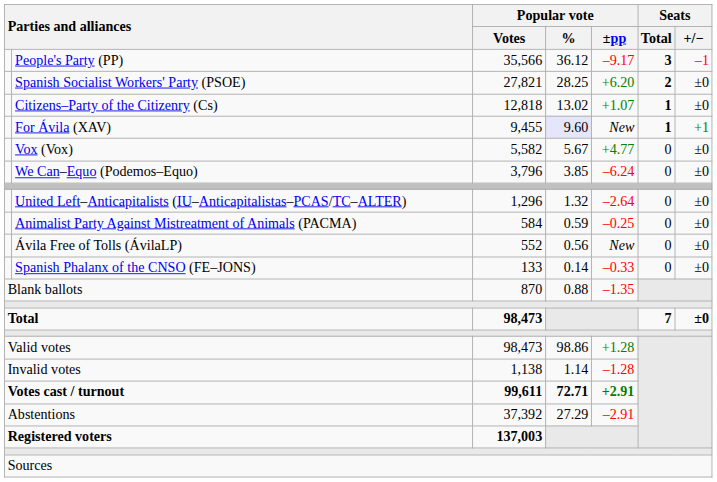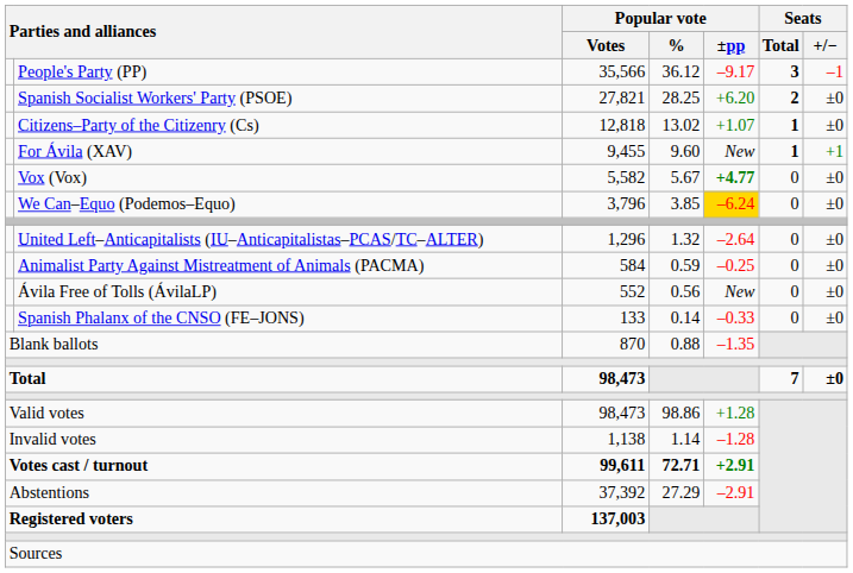 <table class="wikitable" style="text-align:right;">
 <tr>
 <th style="text-align:left;" rowspan="2" colspan="2" width="525">Parties and alliances</th>
 <th colspan="3">Popular vote</th>
 <th colspan="2">Seats</th>
 </tr>
 <tr>
 <th width="75">Votes</th>
 <th width="45">%</th>
 <th width="45">±<a href='#'>pp</a></th>
 <th width="35">Total</th>
 <th width="35">+/−</th>
 </tr>
 <tr>
 <td width="1" style="color:inherit;background:"></td>
 <td align="left"><a href='#'>People's Party</a> (PP)</td>
 <td>35,566</td>
 <td>36.12</td>
 <td style="color:red;">–9.17</td>
 <td><strong>3</strong></td>
 <td style="color:red;">–1</td>
 </tr>
 <tr>
 <td style="color:inherit;background:"></td>
 <td align="left"><a href='#'>Spanish Socialist Workers' Party</a> (PSOE)</td>
 <td>27,821</td>
 <td>28.25</td>
 <td style="color:green;">+6.20</td>
 <td><strong>2</strong></td>
 <td>±0</td>
 </tr>
 <tr>
 <td style="color:inherit;background:"></td>
 <td align="left"><a href='#'>Citizens–Party of the Citizenry</a> (Cs)</td>
 <td>12,818</td>
 <td>13.02</td>
 <td style="color:green;">+1.07</td>
 <td><strong>1</strong></td>
 <td>±0</td>
 </tr>
 <tr>
 <td style="color:inherit;background:"></td>
 <td align="left"><a href='#'>For Ávila</a> (XAV)</td>
 <td>9,455</td>
-<td style="background: lavender;">9.60</td>
+<td>9.60</td>
 <td><em>New</em></td>
 <td><strong>1</strong></td>
 <td style="color:green;">+1</td>
 </tr>
 <tr>
 <td style="color:inherit;background:"></td>
 <td align="left"><a href='#'>Vox</a> (Vox)</td>
 <td>5,582</td>
 <td>5.67</td>
-<td style="color:green;">+4.77</td>
+<td style="color:green;"><strong>+4.77</strong></td>
 <td>0</td>
 <td>±0</td>
 </tr>
 <tr>
 <td style="color:inherit;background:"></td>
 <td align="left"><a href='#'>We Can</a>–<a href='#'>Equo</a> (Podemos–Equo)</td>
 <td>3,796</td>
 <td>3.85</td>
-<td style="color:red;">–6.24</td>
+<td style="background: gold; color:red;">–6.24</td>
 <td>0</td>
 <td>±0</td>
 </tr>
 <tr>
 <td colspan="7" bgcolor="#C0C0C0"></td>
 </tr>
 <tr>
 <td style="color:inherit;background:"></td>
 <td align="left"><a href='#'>United Left</a>–<a href='#'>Anticapitalists</a> (<a href='#'>IU</a>–<a href='#'>Anticapitalistas</a>–<a href='#'>PCAS</a>/<a href='#'>TC</a>–<a href='#'>ALTER</a>)</td>
 <td>1,296</td>
 <td>1.32</td>
 <td style="color:red;">–2.64</td>
 <td>0</td>
 <td>±0</td>
 </tr>
 <tr>
 <td style="color:inherit;background:"></td>
 <td align="left"><a href='#'>Animalist Party Against Mistreatment of Animals</a> (PACMA)</td>
 <td>584</td>
 <td>0.59</td>
 <td style="color:red;">–0.25</td>
 <td>0</td>
 <td>±0</td>
 </tr>
 <tr>
 <td style="color:inherit;background:"></td>
 <td align="left">Ávila Free of Tolls (ÁvilaLP)</td>
 <td>552</td>
 <td>0.56</td>
 <td><em>New</em></td>
 <td>0</td>
 <td>±0</td>
 </tr>
 <tr>
 <td style="color:inherit;background:"></td>
 <td align="left"><a href='#'>Spanish Phalanx of the CNSO</a> (FE–JONS)</td>
 <td>133</td>
 <td>0.14</td>
 <td style="color:red;">–0.33</td>
 <td>0</td>
 <td>±0</td>
 </tr>
 <tr>
 <td align="left" colspan="2">Blank ballots</td>
 <td>870</td>
 <td>0.88</td>
 <td style="color:red;">–1.35</td>
 <td bgcolor="#E9E9E9" colspan="2"></td>
 </tr>
 <tr>
 <td colspan="7" bgcolor="#E9E9E9"></td>
 </tr>
 <tr style="font-weight:bold;">
 <td align="left" colspan="2">Total</td>
 <td>98,473</td>
 <td bgcolor="#E9E9E9" colspan="2"></td>
 <td>7</td>
 <td>±0</td>
 </tr>
 <tr>
 <td colspan="7" bgcolor="#E9E9E9"></td>
 </tr>
 <tr>
 <td align="left" colspan="2">Valid votes</td>
 <td>98,473</td>
 <td>98.86</td>
 <td style="color:green;">+1.28</td>
 <td bgcolor="#E9E9E9" colspan="2" rowspan="5"></td>
 </tr>
 <tr>
 <td align="left" colspan="2">Invalid votes</td>
 <td>1,138</td>
 <td>1.14</td>
 <td style="color:red;">–1.28</td>
 </tr>
 <tr style="font-weight:bold;">
 <td align="left" colspan="2">Votes cast / turnout</td>
 <td>99,611</td>
 <td>72.71</td>
 <td style="color:green;">+2.91</td>
 </tr>
 <tr>
 <td align="left" colspan="2">Abstentions</td>
 <td>37,392</td>
 <td>27.29</td>
 <td style="color:red;">–2.91</td>
 </tr>
 <tr style="font-weight:bold;">
 <td align="left" colspan="2">Registered voters</td>
 <td>137,003</td>
 <td bgcolor="#E9E9E9" colspan="2"></td>
 </tr>
 <tr>
 <td colspan="7" bgcolor="#E9E9E9"></td>
 </tr>
 <tr>
 <td align="left" colspan="7">Sources</td>
 </tr>
 </table>
